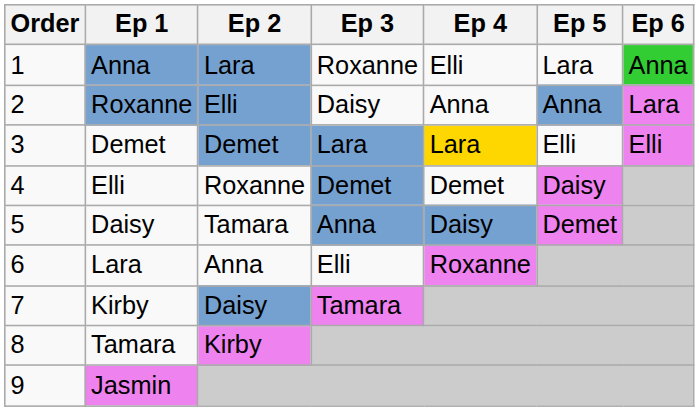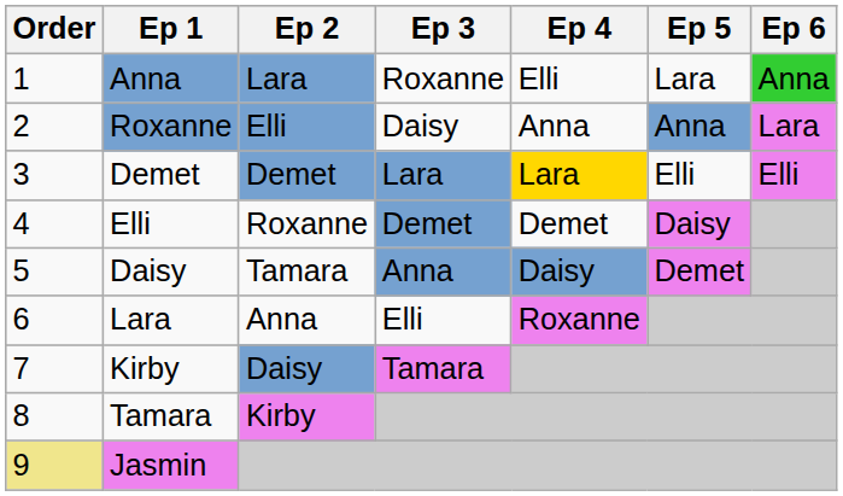 <table class="wikitable">
 <tr>
 <th>Order</th>
 <th>Ep 1</th>
 <th>Ep 2</th>
 <th>Ep 3</th>
 <th>Ep 4</th>
 <th>Ep 5</th>
 <th>Ep 6</th>
 </tr>
 <tr>
 <td>1</td>
 <td style="background-color:#75A1D0;">Anna</td>
 <td style="background-color:#75A1D0;">Lara</td>
 <td>Roxanne</td>
 <td>Elli</td>
 <td>Lara</td>
 <td style="background-color:limegreen;">Anna</td>
 </tr>
 <tr>
 <td>2</td>
 <td style="background-color:#75A1D0;">Roxanne</td>
 <td style="background-color:#75A1D0;">Elli</td>
 <td>Daisy</td>
 <td>Anna</td>
 <td style="background-color:#75A1D0;">Anna</td>
 <td style="background-color:violet;">Lara</td>
 </tr>
 <tr>
 <td>3</td>
 <td>Demet</td>
 <td style="background-color:#75A1D0;">Demet</td>
 <td style="background-color:#75A1D0;">Lara</td>
 <td style="background-color:gold;">Lara</td>
 <td>Elli</td>
 <td style="background-color:violet;">Elli</td>
 </tr>
 <tr>
 <td>4</td>
 <td>Elli</td>
 <td>Roxanne</td>
 <td style="background-color:#75A1D0;">Demet</td>
 <td>Demet</td>
 <td style="background-color:violet;">Daisy</td>
 <td style="background:#CCCCCC;" colspan="1"></td>
 </tr>
 <tr>
 <td>5</td>
 <td>Daisy</td>
 <td>Tamara</td>
 <td style="background-color:#75A1D0;">Anna</td>
 <td style="background-color:#75A1D0;">Daisy</td>
 <td style="background-color:violet;">Demet</td>
 <td style="background:#CCCCCC;" colspan="1"></td>
 </tr>
 <tr>
 <td>6</td>
 <td>Lara</td>
 <td>Anna</td>
 <td>Elli</td>
 <td style="background-color:violet;">Roxanne</td>
 <td style="background:#CCCCCC;" colspan="2"></td>
 </tr>
 <tr>
 <td>7</td>
 <td>Kirby</td>
 <td style="background-color:#75A1D0;">Daisy</td>
 <td style="background-color:violet;">Tamara</td>
 <td style="background:#CCCCCC;" colspan="3"></td>
 </tr>
 <tr>
 <td>8</td>
 <td>Tamara</td>
 <td style="background-color:violet;">Kirby</td>
 <td style="background:#CCCCCC;" colspan="4"></td>
 </tr>
 <tr>
-<td>9</td>
+<td style="background: khaki;">9</td>
 <td style="background-color:violet;">Jasmin</td>
 <td style="background:#CCCCCC;" colspan="5"></td>
 </tr>
 </table>
